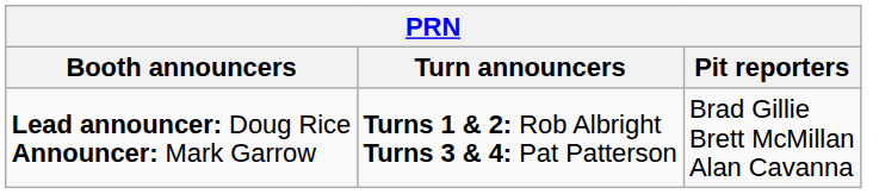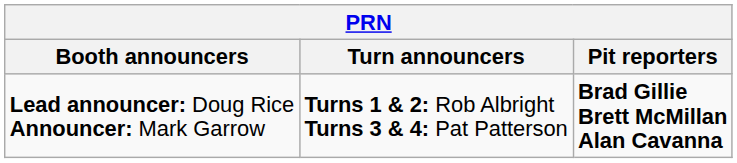 <table class="wikitable" style="font-size: 95%">
 <tr>
 <th colspan="3"><a href='#'>PRN</a></th>
 </tr>
 <tr>
 <th>Booth announcers</th>
 <th>Turn announcers</th>
 <th>Pit reporters</th>
 </tr>
 <tr>
 <td><strong>Lead announcer:</strong> Doug Rice<br><strong>Announcer:</strong> Mark Garrow</td>
 <td><strong>Turns 1 & 2:</strong> Rob Albright<br><strong>Turns 3 & 4:</strong> Pat Patterson</td>
-<td>Brad Gillie<br>Brett McMillan<br>Alan Cavanna</td>
+<td><strong>Brad Gillie<br>Brett McMillan<br>Alan Cavanna</strong></td>
 </tr>
 </table>
